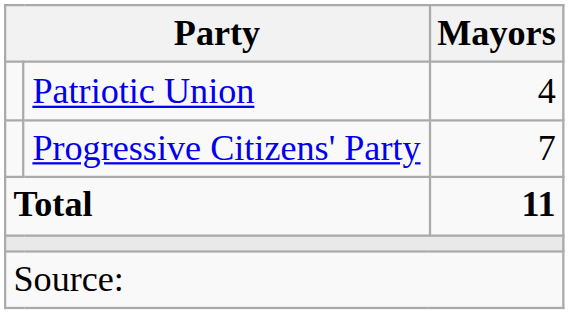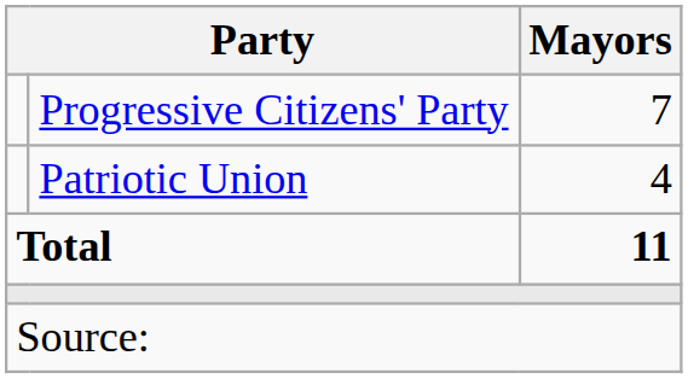 <table class="wikitable" style="text-align:right">
 <tr>
 <th colspan="2">Party</th>
 <th>Mayors</th>
 </tr>
 <tr>
 <td width="1"></td>
-<td align="left"><a href='#'>Patriotic Union</a></td>
-<td>4</td>
+<td align="left"><a href='#'>Progressive Citizens' Party</a></td>
+<td>7</td>
 </tr>
 <tr>
 <td width="1"></td>
-<td align="left"><a href='#'>Progressive Citizens' Party</a></td>
-<td>7</td>
+<td align="left"><a href='#'>Patriotic Union</a></td>
+<td>4</td>
 </tr>
 <tr>
 <td colspan="2" align="left"><strong>Total</strong></td>
 <td><strong>11</strong></td>
 </tr>
 <tr>
 <td colspan="3" style="color:inherit;background:#E9E9E9"></td>
 </tr>
 <tr>
 <td colspan="3" align="left">Source: </td>
 </tr>
 </table>
